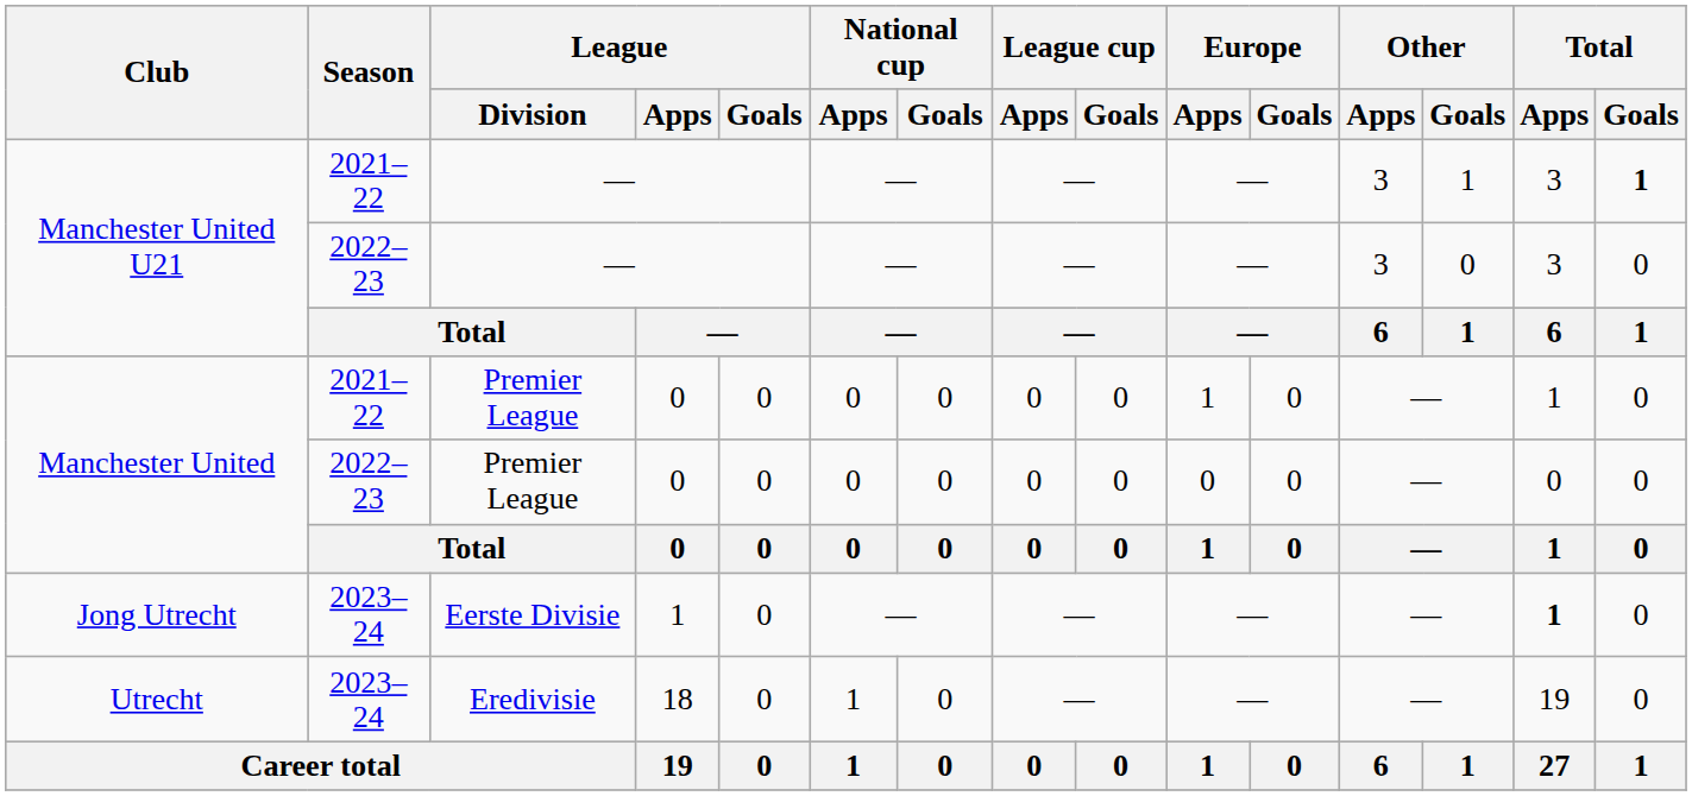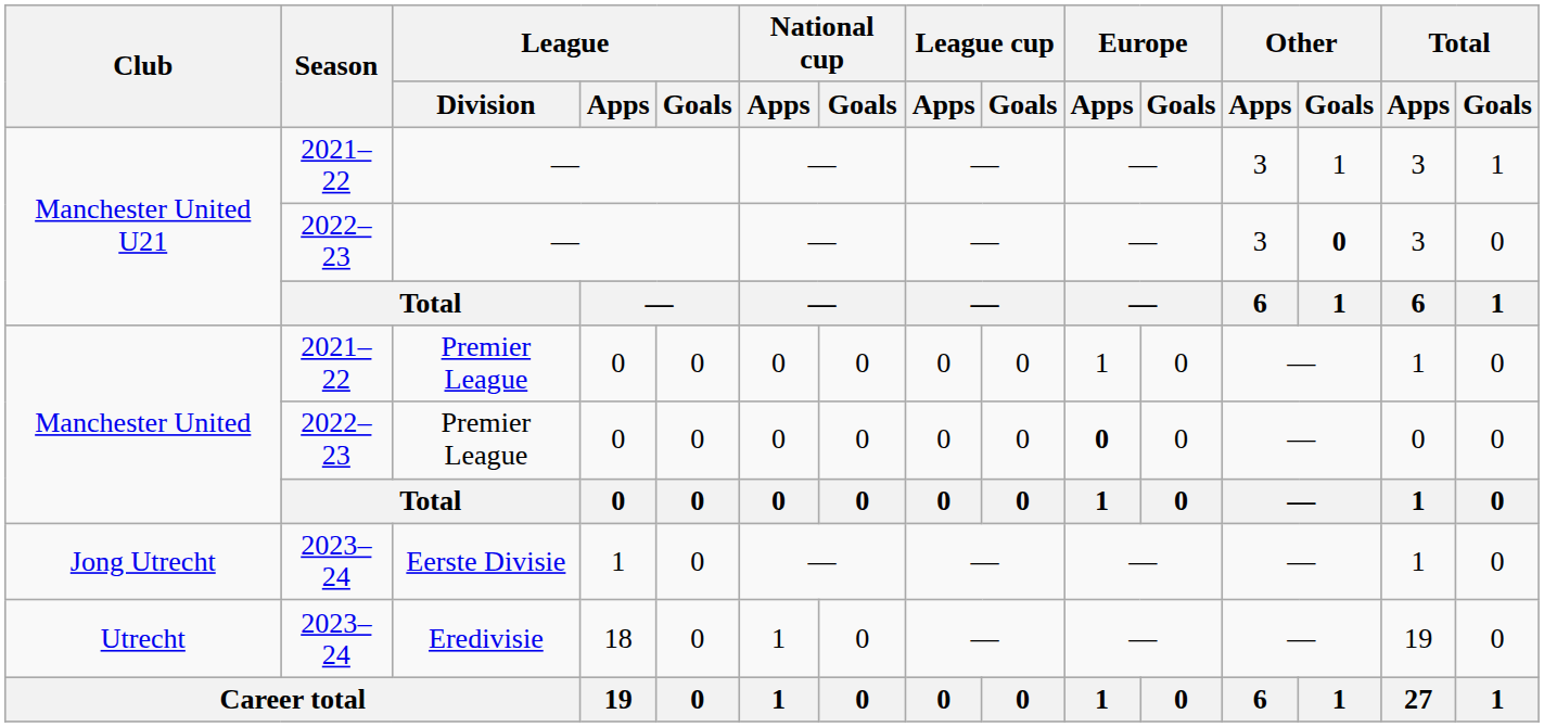 <table class=wikitable style=text-align:center>
 <tr>
 <th rowspan=2>Club</th>
 <th rowspan=2>Season</th>
 <th colspan=3>League</th>
 <th colspan=2>National cup</th>
 <th colspan=2>League cup</th>
 <th colspan=2>Europe</th>
 <th colspan=2>Other</th>
 <th colspan=2>Total</th>
 </tr>
 <tr>
 <th>Division</th>
 <th>Apps</th>
 <th>Goals</th>
 <th>Apps</th>
 <th>Goals</th>
 <th>Apps</th>
 <th>Goals</th>
 <th>Apps</th>
 <th>Goals</th>
 <th>Apps</th>
 <th>Goals</th>
 <th>Apps</th>
 <th>Goals</th>
 </tr>
 <tr>
 <td rowspan=3><a href='#'>Manchester United U21</a></td>
 <td><a href='#'>2021–22</a></td>
 <td colspan=3>—</td>
 <td colspan=2>—</td>
 <td colspan=2>—</td>
 <td colspan=2>—</td>
 <td>3</td>
 <td>1</td>
 <td>3</td>
-<td><strong>1</strong></td>
+<td>1</td>
 </tr>
 <tr>
 <td><a href='#'>2022–23</a></td>
 <td colspan=3>—</td>
 <td colspan=2>—</td>
 <td colspan=2>—</td>
 <td colspan=2>—</td>
 <td>3</td>
-<td>0</td>
+<td><strong>0</strong></td>
 <td>3</td>
 <td>0</td>
 </tr>
 <tr>
 <th colspan=2>Total</th>
 <th colspan=2>—</th>
 <th colspan=2>—</th>
 <th colspan=2>—</th>
 <th colspan=2>—</th>
 <th>6</th>
 <th>1</th>
 <th>6</th>
 <th>1</th>
 </tr>
 <tr>
 <td rowspan=3><a href='#'>Manchester United</a></td>
 <td><a href='#'>2021–22</a></td>
 <td><a href='#'>Premier League</a></td>
 <td>0</td>
 <td>0</td>
 <td>0</td>
 <td>0</td>
 <td>0</td>
 <td>0</td>
 <td>1</td>
 <td>0</td>
 <td colspan=2>—</td>
 <td>1</td>
 <td>0</td>
 </tr>
 <tr>
 <td><a href='#'>2022–23</a></td>
 <td>Premier League</td>
 <td>0</td>
 <td>0</td>
 <td>0</td>
 <td>0</td>
 <td>0</td>
 <td>0</td>
-<td>0</td>
+<td><strong>0</strong></td>
 <td>0</td>
 <td colspan=2>—</td>
 <td>0</td>
 <td>0</td>
 </tr>
 <tr>
 <th colspan=2>Total</th>
 <th>0</th>
 <th>0</th>
 <th>0</th>
 <th>0</th>
 <th>0</th>
 <th>0</th>
 <th>1</th>
 <th>0</th>
 <th colspan=2>—</th>
 <th>1</th>
 <th>0</th>
 </tr>
 <tr>
 <td><a href='#'>Jong Utrecht</a></td>
 <td><a href='#'>2023–24</a></td>
 <td><a href='#'>Eerste Divisie</a></td>
 <td>1</td>
 <td>0</td>
 <td colspan=2>—</td>
 <td colspan=2>—</td>
 <td colspan=2>—</td>
 <td colspan=2>—</td>
-<td><strong>1</strong></td>
+<td>1</td>
 <td>0</td>
 </tr>
 <tr>
 <td><a href='#'>Utrecht</a></td>
 <td><a href='#'>2023–24</a></td>
 <td><a href='#'>Eredivisie</a></td>
 <td>18</td>
 <td>0</td>
 <td>1</td>
 <td>0</td>
 <td colspan=2>—</td>
 <td colspan=2>—</td>
 <td colspan=2>—</td>
 <td>19</td>
 <td>0</td>
 </tr>
 <tr>
 <th colspan=3>Career total</th>
 <th>19</th>
 <th>0</th>
 <th>1</th>
 <th>0</th>
 <th>0</th>
 <th>0</th>
 <th>1</th>
 <th>0</th>
 <th>6</th>
 <th>1</th>
 <th>27</th>
 <th>1</th>
 </tr>
 </table>
